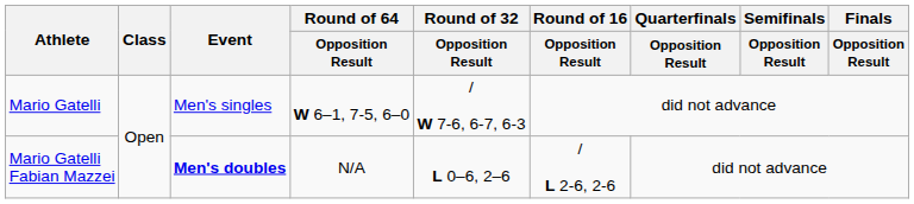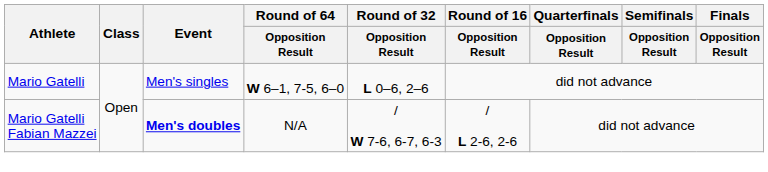 <table class=wikitable style="font-size:90%">
 <tr>
 <th rowspan="2">Athlete</th>
 <th rowspan="2">Class</th>
 <th rowspan="2">Event</th>
 <th>Round of 64</th>
 <th>Round of 32</th>
 <th>Round of 16</th>
 <th>Quarterfinals</th>
 <th>Semifinals</th>
 <th>Finals</th>
 </tr>
 <tr>
 <th style="line-height:1em"><small>Opposition<br>Result</small></th>
 <th style="line-height:1em"><small>Opposition<br>Result</small></th>
 <th style="line-height:1em"><small>Opposition<br>Result</small></th>
 <th style=”line-height:1em”><small>Opposition<br>Result</small></th>
 <th style="line-height:1em"><small>Opposition<br>Result</small></th>
 <th style="line-height:1em"><small>Opposition<br>Result</small></th>
 </tr>
 <tr>
 <td><a href='#'>Mario Gatelli</a></td>
 <td rowspan="2" style="text-align:center;">Open</td>
 <td><a href='#'>Men's singles</a></td>
 <td style="text-align:center;"><br><strong>W</strong> 6–1, 7-5, 6–0</td>
-<td style="text-align:center;"> /<br> <br><strong>W</strong> 7-6, 6-7, 6-3</td>
+<td style="text-align:center;"><br><strong>L</strong> 0–6, 2–6</td>
 <td style="text-align:center;" colspan="4">did not advance</td>
 </tr>
 <tr>
 <td><a href='#'>Mario Gatelli</a><br> <a href='#'>Fabian Mazzei</a></td>
 <td><strong><a href='#'>Men's doubles</a></strong></td>
 <td style="text-align:center;">N/A</td>
-<td style="text-align:center;"><br><strong>L</strong> 0–6, 2–6</td>
+<td style="text-align:center;"> /<br> <br><strong>W</strong> 7-6, 6-7, 6-3</td>
 <td style="text-align:center;"> /<br> <br><strong>L</strong> 2-6, 2-6</td>
 <td style="text-align:center;" colspan="3">did not advance</td>
 </tr>
 </table>
